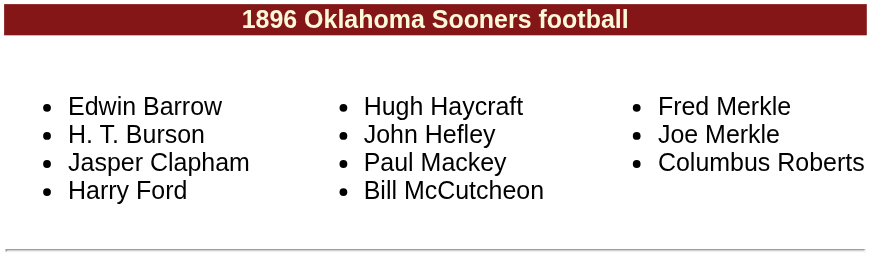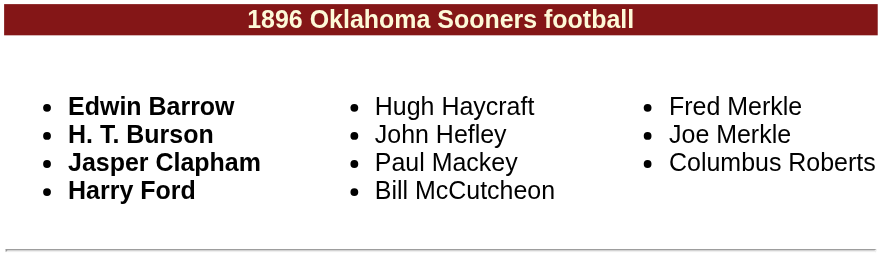 <table class="toccolours" style="text-align: left;">
 <tr>
 <td colspan=11 style="color:#FDF9D8;background:#841617; text-align: center"><strong>1896 Oklahoma Sooners football</strong></td>
 </tr>
 <tr>
-<td valign="top"><br><ul><li>Edwin Barrow</li><li>H. T. Burson</li><li>Jasper Clapham</li><li>Harry Ford</li></ul></td>
+<td valign="top"><strong><br><ul><li>Edwin Barrow</li><li>H. T. Burson</li><li>Jasper Clapham</li><li>Harry Ford</li></ul></strong></td>
 <td width="25"> </td>
 <td valign="top"><br><ul><li>Hugh Haycraft</li><li>John Hefley</li><li>Paul Mackey</li><li>Bill McCutcheon</li></ul></td>
 <td width="25"> </td>
 <td valign="top"><br><ul><li>Fred Merkle</li><li>Joe Merkle</li><li>Columbus Roberts</li></ul></td>
 </tr>
 <tr>
 <td colspan="7"><hr></td>
 </tr>
 </table>
